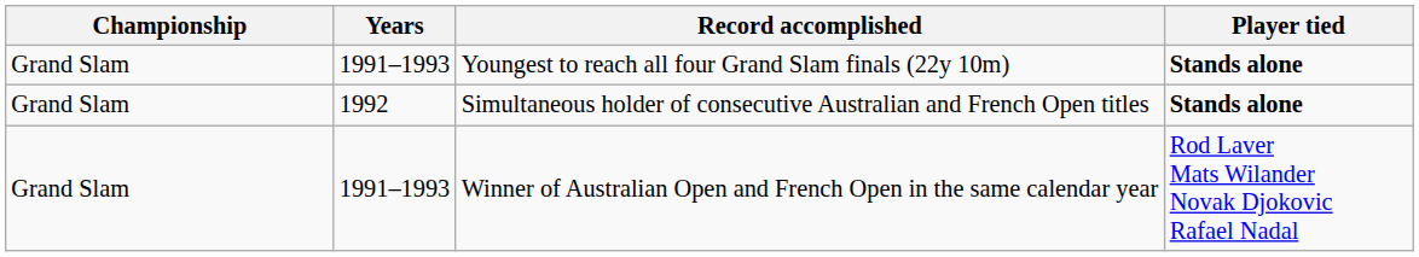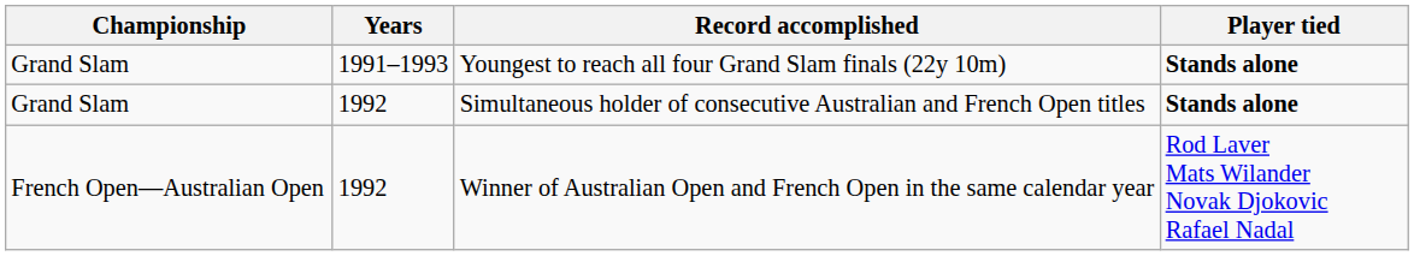 <table class=wikitable style=font-size:97%>
 <tr>
 <th width=200>Championship</th>
 <th>Years</th>
 <th>Record accomplished</th>
 <th width=150>Player tied</th>
 </tr>
 <tr>
 <td>Grand Slam</td>
 <td>1991–1993</td>
 <td>Youngest to reach all four Grand Slam finals (22y 10m)</td>
 <td><strong>Stands alone</strong></td>
 </tr>
 <tr>
 <td>Grand Slam</td>
 <td>1992</td>
 <td>Simultaneous holder of consecutive Australian and French Open titles</td>
 <td><strong>Stands alone</strong></td>
 </tr>
 <tr>
-<td>Grand Slam</td>
-<td>1991–1993</td>
+<td>French Open—Australian Open</td>
+<td>1992</td>
 <td>Winner of Australian Open and French Open in the same calendar year</td>
 <td><a href='#'>Rod Laver</a><br><a href='#'>Mats Wilander</a><br><a href='#'>Novak Djokovic</a><br><a href='#'>Rafael Nadal</a></td>
 </tr>
 </table>
